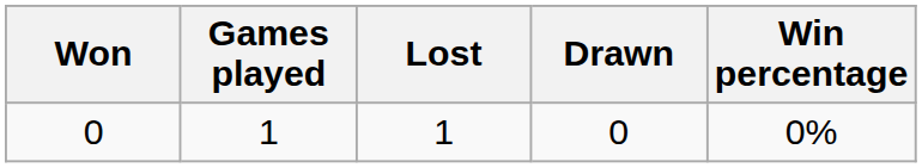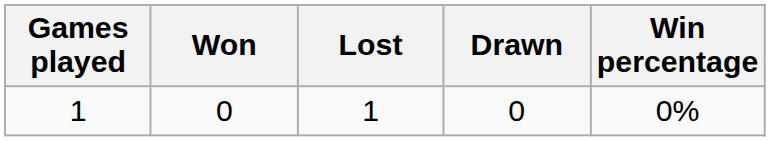 <table class="wikitable" style="text-align:center">
 <tr>
+<th width="70">Games played</th>
 <th width="70">Won</th>
-<th width="70">Games played</th>
 <th width="70">Lost</th>
 <th width="70">Drawn</th>
 <th width="70">Win percentage</th>
 </tr>
 <tr>
+<td>1</td>
 <td>0</td>
-<td>1</td>
 <td>1</td>
 <td>0</td>
 <td>0%</td>
 </tr>
 </table>
